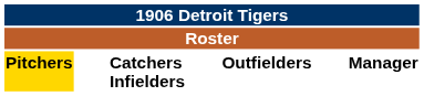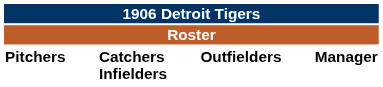 <table class="toccolours" style="font-size: 95%;">
 <tr>
 <th colspan="10" style="background-color: #003366; color: white; text-align: center;">1906 Detroit Tigers</th>
 </tr>
 <tr>
 <td colspan="10" style="background-color: #bd5d29; color: white; text-align: center;"><strong>Roster</strong></td>
 </tr>
 <tr>
-<td valign="top" style="background: gold;"><strong>Pitchers</strong><br>        </td>
+<td valign="top"><strong>Pitchers</strong><br>        </td>
 <td width="25px"></td>
 <td valign="top"><strong>Catchers</strong><br>   <strong>Infielders</strong>       </td>
 <td width="25px"></td>
 <td valign="top"><strong>Outfielders</strong><br>    </td>
 <td width="25px"></td>
 <td valign="top"><strong>Manager</strong><br></td>
 </tr>
 </table>
